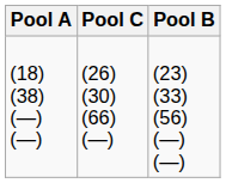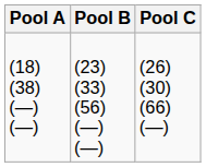 <table class="wikitable">
 <tr>
 <th width=33%>Pool A</th>
+<th width=33%>Pool B</th>
 <th width=33%>Pool C</th>
-<th width=33%>Pool B</th>
 </tr>
 <tr>
 <td valign=top><br> (18)<br>  (38)<br>  (—)<br>  (—)</td>
+<td><br> (23)<br>  (33)<br>  (56)<br>  (—)<br>  (—)</td>
 <td valign=top><br> (26)<br>  (30)<br>  (66)<br>  (—)</td>
-<td><br> (23)<br>  (33)<br>  (56)<br>  (—)<br>  (—)</td>
 </tr>
 </table>
